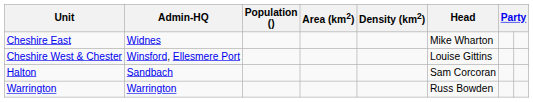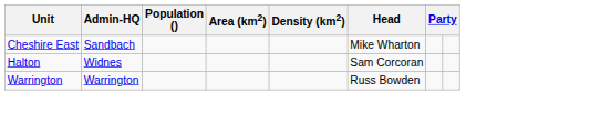 <table class="wikitable sortable">
 <tr>
 <th>Unit</th>
 <th>Admin-HQ</th>
 <th>Population<br>()</th>
 <th>Area (km<sup>2</sup>)</th>
 <th>Density (km<sup>2</sup>)</th>
 <th>Head</th>
 <th colspan="2"><a href='#'>Party</a></th>
 </tr>
 <tr>
 <td><a href='#'>Cheshire East</a></td>
-<td><a href='#'>Widnes</a></td>
+<td><a href='#'>Sandbach</a></td>
 <td></td>
 <td></td>
 <td></td>
 <td>Mike Wharton</td>
 <td style="color:inherit;background:"></td>
 <td></td>
 </tr>
 <tr>
-<td><a href='#'>Cheshire West & Chester</a></td>
-<td><a href='#'>Winsford</a>, <a href='#'>Ellesmere Port</a></td>
-<td></td>
-<td></td>
-<td></td>
-<td>Louise Gittins</td>
-<td style="color:inherit;background:"></td>
-<td></td>
-</tr>
-<tr>
 <td><a href='#'>Halton</a></td>
-<td><a href='#'>Sandbach</a></td>
+<td><a href='#'>Widnes</a></td>
 <td></td>
 <td></td>
 <td></td>
 <td>Sam Corcoran</td>
 <td style="color:inherit;background:"></td>
 <td></td>
 </tr>
 <tr>
 <td><a href='#'>Warrington</a></td>
 <td><a href='#'>Warrington</a></td>
 <td></td>
 <td></td>
 <td></td>
 <td>Russ Bowden</td>
 <td style="color:inherit;background:"></td>
 <td></td>
 </tr>
 </table>
